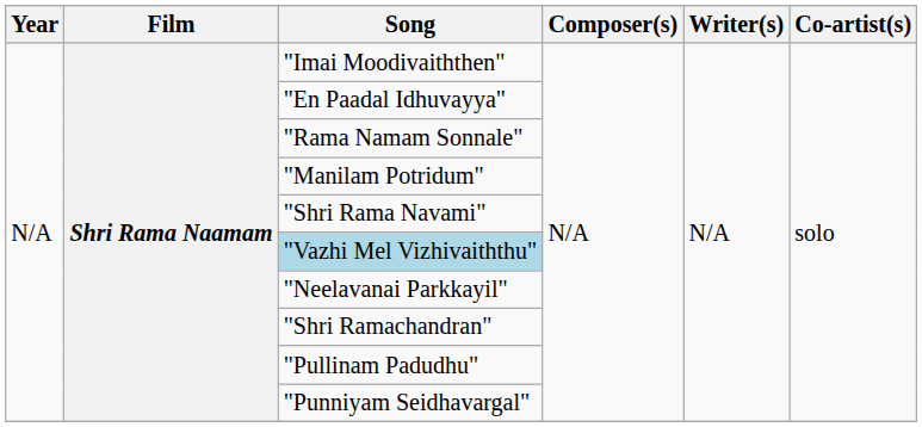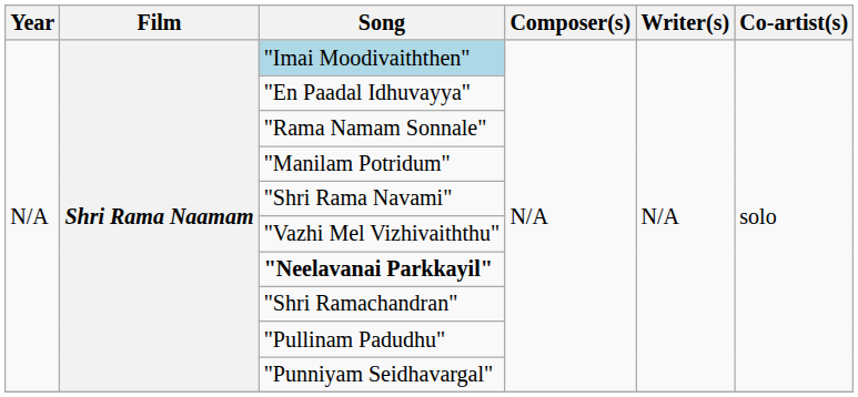 <table class="wikitable sortable plainrowheaders">
 <tr style="background:#ccc; text-align:center;">
 <th scope="col">Year</th>
 <th scope="col">Film</th>
 <th scope="col">Song</th>
 <th scope="col">Composer(s)</th>
 <th scope="col">Writer(s)</th>
 <th scope="col">Co-artist(s)</th>
 </tr>
 <tr>
 <td Rowspan=10>N/A</td>
 <th Rowspan=10><em>Shri Rama Naamam</em></th>
-<td>"Imai Moodivaiththen"</td>
+<td style="background: lightblue;">"Imai Moodivaiththen"</td>
 <td rowspan=10>N/A</td>
 <td rowspan=10>N/A</td>
 <td rowspan=10>solo</td>
 </tr>
 <tr>
 <td>"En Paadal Idhuvayya"</td>
 </tr>
 <tr>
 <td>"Rama Namam Sonnale"</td>
 </tr>
 <tr>
 <td>"Manilam Potridum"</td>
 </tr>
 <tr>
 <td>"Shri Rama Navami"</td>
 </tr>
 <tr>
-<td style="background: lightblue;">"Vazhi Mel Vizhivaiththu"</td>
+<td>"Vazhi Mel Vizhivaiththu"</td>
 </tr>
 <tr>
-<td>"Neelavanai Parkkayil"</td>
+<td><strong>"Neelavanai Parkkayil"</strong></td>
 </tr>
 <tr>
 <td>"Shri Ramachandran"</td>
 </tr>
 <tr>
 <td>"Pullinam Padudhu"</td>
 </tr>
 <tr>
 <td>"Punniyam Seidhavargal"</td>
 </tr>
 <tr>
 </tr>
 </table>
